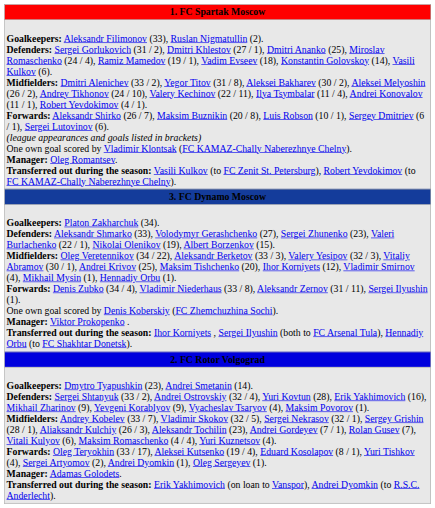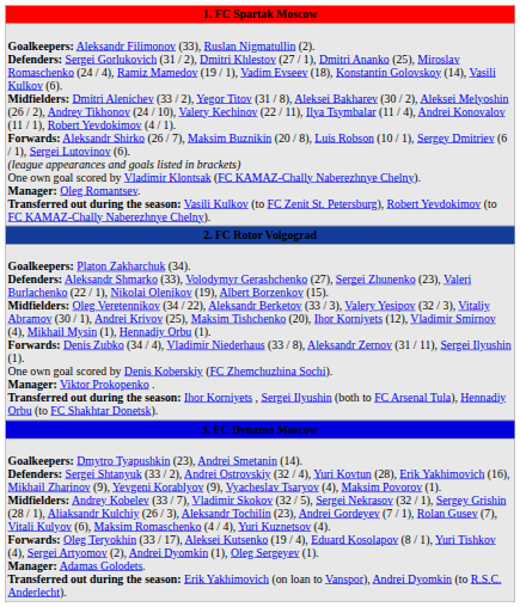 <table class="wikitable" Width="700">
 <tr bgcolor="#FF0000">
 <td align="center" width="700"><span> <strong>1. FC Spartak Moscow</strong> </span></td>
 </tr>
 <tr bgcolor="#E8E8E8">
 <td align="left" width="700"><br><strong>Goalkeepers:</strong> <a href='#'>Aleksandr Filimonov</a> (33), <a href='#'>Ruslan Nigmatullin</a> (2).<br> <strong>Defenders:</strong> <a href='#'>Sergei Gorlukovich</a> (31 / 2), <a href='#'>Dmitri Khlestov</a> (27 / 1), <a href='#'>Dmitri Ananko</a> (25), <a href='#'>Miroslav Romaschenko</a>  (24 / 4), <a href='#'>Ramiz Mamedov</a> (19 / 1), <a href='#'>Vadim Evseev</a> (18), <a href='#'>Konstantin Golovskoy</a> (14), <a href='#'>Vasili Kulkov</a> (6).<br> <strong>Midfielders:</strong> <a href='#'>Dmitri Alenichev</a> (33 / 2), <a href='#'>Yegor Titov</a> (31 / 8), <a href='#'>Aleksei Bakharev</a> (30 / 2), <a href='#'>Aleksei Melyoshin</a> (26 / 2), <a href='#'>Andrey Tikhonov</a> (24 / 10), <a href='#'>Valery Kechinov</a> (22 / 11), <a href='#'>Ilya Tsymbalar</a> (11 / 4), <a href='#'>Andrei Konovalov</a> (11 / 1), <a href='#'>Robert Yevdokimov</a> (4 / 1).<br> <strong>Forwards:</strong> <a href='#'>Aleksandr Shirko</a> (26 / 7), <a href='#'>Maksim Buznikin</a> (20 / 8), <a href='#'>Luis Robson</a>  (10 / 1), <a href='#'>Sergey Dmitriev</a> (6 / 1), <a href='#'>Sergei Lutovinov</a> (6).<br><em>(league appearances and goals listed in brackets)</em><br>One own goal scored by <a href='#'>Vladimir Klontsak</a> (<a href='#'>FC KAMAZ-Chally Naberezhnye Chelny</a>).<br><strong>Manager:</strong> <a href='#'>Oleg Romantsev</a>.<br><strong>Transferred out during the season:</strong> <a href='#'>Vasili Kulkov</a> (to <a href='#'>FC Zenit St. Petersburg</a>), <a href='#'>Robert Yevdokimov</a> (to <a href='#'>FC KAMAZ-Chally Naberezhnye Chelny</a>).</td>
 </tr>
 <tr bgcolor="#143c9b">
-<td align="center" width="700"><span> <strong>3. FC Dynamo Moscow</strong> </span></td>
+<td align="center" width="700"><span> <strong>2. FC Rotor Volgograd</strong> </span></td>
 </tr>
 <tr bgcolor="#E8E8E8">
 <td align="left" width="700"><br><strong>Goalkeepers:</strong> <a href='#'>Platon Zakharchuk</a> (34).<br> <strong>Defenders:</strong> <a href='#'>Aleksandr Shmarko</a> (33), <a href='#'>Volodymyr Gerashchenko</a>  (27), <a href='#'>Sergei Zhunenko</a>  (23), <a href='#'>Valeri Burlachenko</a> (22 / 1), <a href='#'>Nikolai Olenikov</a> (19), <a href='#'>Albert Borzenkov</a> (15).<br> <strong>Midfielders:</strong> <a href='#'>Oleg Veretennikov</a> (34 / 22), <a href='#'>Aleksandr Berketov</a> (33 / 3), <a href='#'>Valery Yesipov</a> (32 / 3), <a href='#'>Vitaliy Abramov</a>  (30 / 1), <a href='#'>Andrei Krivov</a> (25), <a href='#'>Maksim Tishchenko</a> (20), <a href='#'>Ihor Korniyets</a>  (12), <a href='#'>Vladimir Smirnov</a> (4), <a href='#'>Mikhail Mysin</a> (1), <a href='#'>Hennadiy Orbu</a>  (1).<br> <strong>Forwards:</strong> <a href='#'>Denis Zubko</a> (34 / 4), <a href='#'>Vladimir Niederhaus</a>  (33 / 8), <a href='#'>Aleksandr Zernov</a> (31 / 11), <a href='#'>Sergei Ilyushin</a> (1).<br>One own goal scored by <a href='#'>Denis Koberskiy</a> (<a href='#'>FC Zhemchuzhina Sochi</a>).<br><strong>Manager:</strong> <a href='#'>Viktor Prokopenko</a> .<br><strong>Transferred out during the season:</strong> <a href='#'>Ihor Korniyets</a> , <a href='#'>Sergei Ilyushin</a> (both to <a href='#'>FC Arsenal Tula</a>), <a href='#'>Hennadiy Orbu</a>  (to  <a href='#'>FC Shakhtar Donetsk</a>).</td>
 </tr>
 <tr bgcolor="#0000DD">
-<td align="center" width="700"><span> <strong>2. FC Rotor Volgograd</strong> </span></td>
+<td align="center" width="700"><span> <strong>3. FC Dynamo Moscow</strong> </span></td>
 </tr>
 <tr bgcolor="#E8E8E8">
 <td align="left" width="700"><br><strong>Goalkeepers:</strong> <a href='#'>Dmytro Tyapushkin</a>  (23), <a href='#'>Andrei Smetanin</a> (14).<br> <strong>Defenders:</strong> <a href='#'>Sergei Shtanyuk</a>  (33 / 2), <a href='#'>Andrei Ostrovskiy</a>  (32 / 4), <a href='#'>Yuri Kovtun</a> (28), <a href='#'>Erik Yakhimovich</a>  (16), <a href='#'>Mikhail Zharinov</a> (9), <a href='#'>Yevgeni Korablyov</a> (9), <a href='#'>Vyacheslav Tsaryov</a> (4), <a href='#'>Maksim Povorov</a> (1).<br> <strong>Midfielders:</strong> <a href='#'>Andrey Kobelev</a> (33 / 7), <a href='#'>Vladimir Skokov</a> (32 / 5), <a href='#'>Sergei Nekrasov</a> (32 / 1), <a href='#'>Sergey Grishin</a> (28 / 1), <a href='#'>Aliaksandr Kulchiy</a>  (26 / 3), <a href='#'>Aleksandr Tochilin</a> (23), <a href='#'>Andrei Gordeyev</a> (7 / 1), <a href='#'>Rolan Gusev</a> (7), <a href='#'>Vitali Kulyov</a> (6), <a href='#'>Maksim Romaschenko</a>  (4 / 4), <a href='#'>Yuri Kuznetsov</a> (4).<br> <strong>Forwards:</strong> <a href='#'>Oleg Teryokhin</a> (33 / 17), <a href='#'>Aleksei Kutsenko</a> (19 / 4), <a href='#'>Eduard Kosolapov</a> (8 / 1), <a href='#'>Yuri Tishkov</a> (4), <a href='#'>Sergei Artyomov</a> (2), <a href='#'>Andrei Dyomkin</a> (1), <a href='#'>Oleg Sergeyev</a> (1).<br><strong>Manager:</strong> <a href='#'>Adamas Golodets</a>.<br><strong>Transferred out during the season:</strong> <a href='#'>Erik Yakhimovich</a>  (on loan to  <a href='#'>Vanspor</a>), <a href='#'>Andrei Dyomkin</a> (to  <a href='#'>R.S.C. Anderlecht</a>).</td>
 </tr>
 </table>
